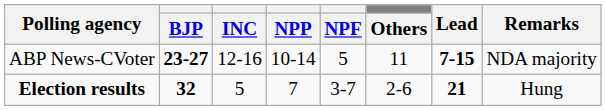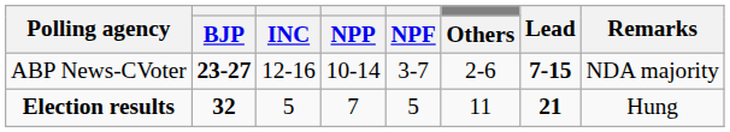 <table class="wikitable sortable" style="text-align:center">
 <tr>
 <th rowspan="2">Polling agency</th>
 <th style="background:"></th>
 <th style="background:"></th>
 <th style="background:"></th>
 <th style="text-align:center; background:"></th>
 <th style="background:gray;"></th>
 <th rowspan="2">Lead</th>
 <th rowspan="2">Remarks</th>
 </tr>
 <tr>
 <th><a href='#'>BJP</a></th>
 <th><a href='#'>INC</a></th>
 <th><a href='#'>NPP</a></th>
 <th><a href='#'>NPF</a></th>
 <th>Others</th>
 </tr>
 <tr>
 <td>ABP News-CVoter</td>
 <td style="background:"><strong>23-27</strong></td>
 <td>12-16</td>
 <td>10-14</td>
-<td style="background:">5</td>
-<td style="background:">11</td>
+<td>3-7</td>
+<td>2-6</td>
 <td style="background:"><strong>7-15</strong></td>
 <td style="background:">NDA majority</td>
 </tr>
 <tr>
 <td style="background:"><strong>Election results</strong></td>
 <td><strong>32</strong></td>
 <td style="background:">5</td>
 <td style="background:">7</td>
-<td>3-7</td>
-<td>2-6</td>
+<td style="background:">5</td>
+<td style="background:">11</td>
 <td><strong>21</strong></td>
 <td>Hung</td>
 </tr>
 </table>
